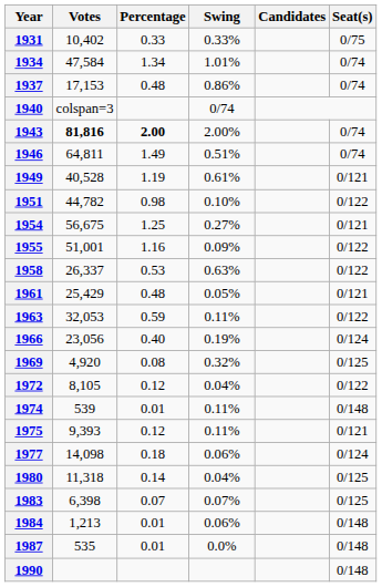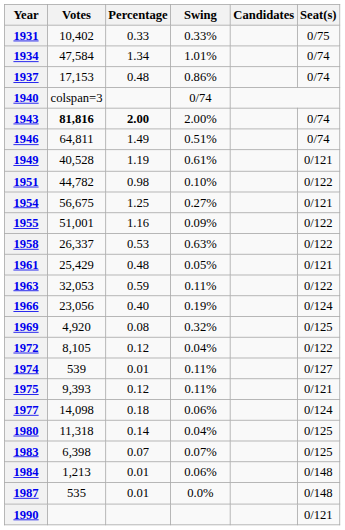 <table class="wikitable" style="text-align:center; font-size:95%;">
 <tr>
 <th style="width: 45px;">Year</th>
 <th style="width: 55px;">Votes</th>
 <th>Percentage</th>
 <th style="width: 65px;">Swing</th>
 <th>Candidates</th>
 <th>Seat(s)</th>
 </tr>
 <tr>
 <th><a href='#'>1931</a></th>
 <td>10,402</td>
 <td>0.33</td>
 <td> 0.33%</td>
 <td></td>
 <td>0/75</td>
 </tr>
 <tr>
 <th><a href='#'>1934</a></th>
 <td>47,584</td>
 <td>1.34</td>
 <td> 1.01%</td>
 <td></td>
 <td>0/74</td>
 </tr>
 <tr>
 <th><a href='#'>1937</a></th>
 <td>17,153</td>
 <td>0.48</td>
 <td> 0.86%</td>
 <td></td>
 <td>0/74</td>
 </tr>
 <tr>
 <th><a href='#'>1940</a></th>
 <td>colspan=3 </td>
 <td></td>
 <td>0/74</td>
 </tr>
 <tr>
 <th><a href='#'>1943</a></th>
 <td><strong>81,816</strong></td>
 <td><strong>2.00</strong></td>
 <td> 2.00%</td>
 <td></td>
 <td>0/74</td>
 </tr>
 <tr>
 <th><a href='#'>1946</a></th>
 <td>64,811</td>
 <td>1.49</td>
 <td> 0.51%</td>
 <td></td>
 <td>0/74</td>
 </tr>
 <tr>
 <th><a href='#'>1949</a></th>
 <td>40,528</td>
 <td>1.19</td>
 <td> 0.61%</td>
 <td></td>
 <td>0/121</td>
 </tr>
 <tr>
 <th><a href='#'>1951</a></th>
 <td>44,782</td>
 <td>0.98</td>
 <td> 0.10%</td>
 <td></td>
 <td>0/122</td>
 </tr>
 <tr>
 <th><a href='#'>1954</a></th>
 <td>56,675</td>
 <td>1.25</td>
 <td> 0.27%</td>
 <td></td>
 <td>0/121</td>
 </tr>
 <tr>
 <th><a href='#'>1955</a></th>
 <td>51,001</td>
 <td>1.16</td>
 <td> 0.09%</td>
 <td></td>
 <td>0/122</td>
 </tr>
 <tr>
 <th><a href='#'>1958</a></th>
 <td>26,337</td>
 <td>0.53</td>
 <td> 0.63%</td>
 <td></td>
 <td>0/122</td>
 </tr>
 <tr>
 <th><a href='#'>1961</a></th>
 <td>25,429</td>
 <td>0.48</td>
 <td> 0.05%</td>
 <td></td>
 <td>0/121</td>
 </tr>
 <tr>
 <th><a href='#'>1963</a></th>
 <td>32,053</td>
 <td>0.59</td>
 <td> 0.11%</td>
 <td></td>
 <td>0/122</td>
 </tr>
 <tr>
 <th><a href='#'>1966</a></th>
 <td>23,056</td>
 <td>0.40</td>
 <td> 0.19%</td>
 <td></td>
 <td>0/124</td>
 </tr>
 <tr>
 <th><a href='#'>1969</a></th>
 <td>4,920</td>
 <td>0.08</td>
 <td> 0.32%</td>
 <td></td>
 <td>0/125</td>
 </tr>
 <tr>
 <th><a href='#'>1972</a></th>
 <td>8,105</td>
 <td>0.12</td>
 <td> 0.04%</td>
 <td></td>
 <td>0/122</td>
 </tr>
 <tr>
 <th><a href='#'>1974</a></th>
 <td>539</td>
 <td>0.01</td>
 <td> 0.11%</td>
 <td></td>
-<td>0/148</td>
+<td>0/127</td>
 </tr>
 <tr>
 <th><a href='#'>1975</a></th>
 <td>9,393</td>
 <td>0.12</td>
 <td> 0.11%</td>
 <td></td>
 <td>0/121</td>
 </tr>
 <tr>
 <th><a href='#'>1977</a></th>
 <td>14,098</td>
 <td>0.18</td>
 <td> 0.06%</td>
 <td></td>
 <td>0/124</td>
 </tr>
 <tr>
 <th><a href='#'>1980</a></th>
 <td>11,318</td>
 <td>0.14</td>
 <td> 0.04%</td>
 <td></td>
 <td>0/125</td>
 </tr>
 <tr>
 <th><a href='#'>1983</a></th>
 <td>6,398</td>
 <td>0.07</td>
 <td> 0.07%</td>
 <td></td>
 <td>0/125</td>
 </tr>
 <tr>
 <th><a href='#'>1984</a></th>
 <td>1,213</td>
 <td>0.01</td>
 <td> 0.06%</td>
 <td></td>
 <td>0/148</td>
 </tr>
 <tr>
 <th><a href='#'>1987</a></th>
 <td>535</td>
 <td>0.01</td>
 <td> 0.0%</td>
 <td></td>
 <td>0/148</td>
 </tr>
 <tr>
 <th><a href='#'>1990</a></th>
 <td></td>
 <td></td>
 <td></td>
 <td></td>
-<td>0/148</td>
+<td>0/121</td>
 </tr>
 </table>
